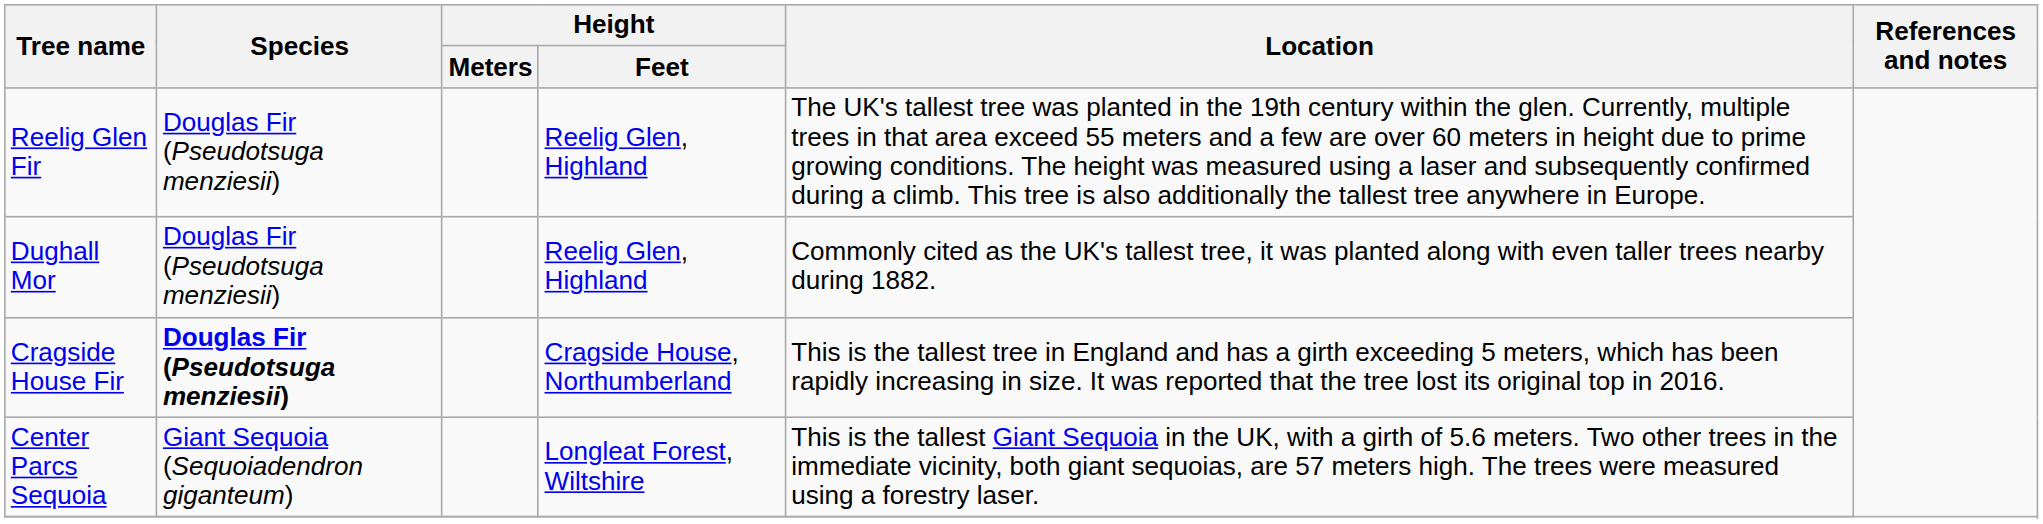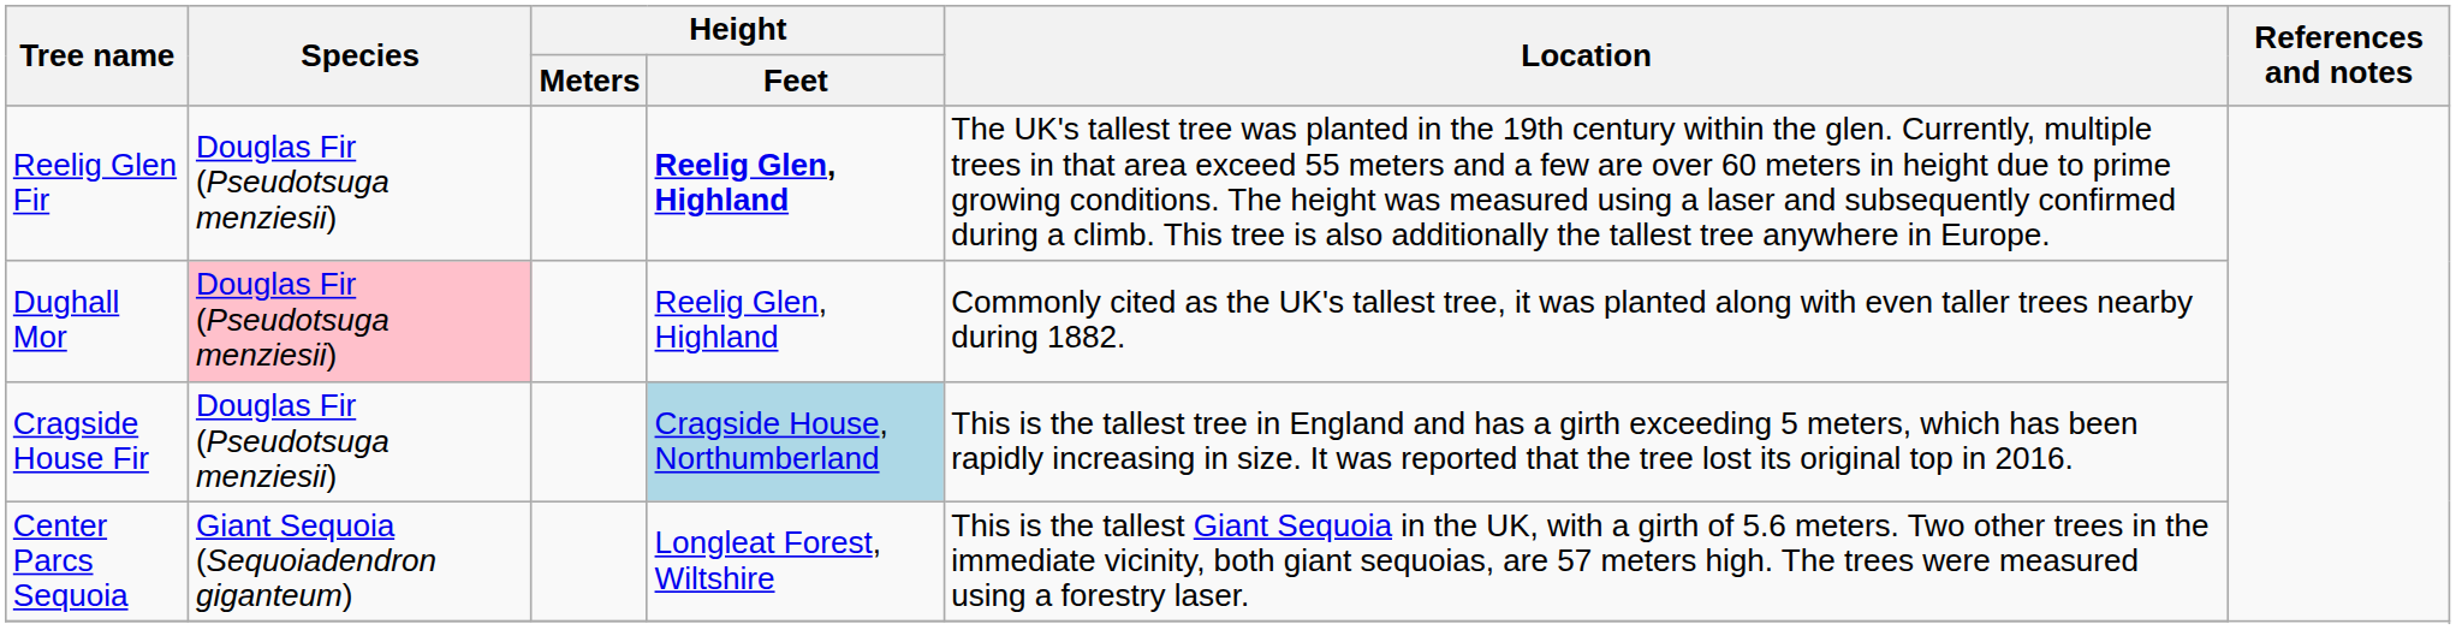 <table class="wikitable" font=90%>
 <tr>
 <th rowspan=2>Tree name</th>
 <th rowspan=2>Species</th>
 <th colspan=2>Height</th>
 <th rowspan=2>Location</th>
 <th rowspan=2>References and notes</th>
 </tr>
 <tr>
 <th>Meters</th>
 <th>Feet</th>
 </tr>
 <tr>
 <td><a href='#'>Reelig Glen Fir</a></td>
 <td><a href='#'>Douglas Fir</a> (<em>Pseudotsuga menziesii</em>)</td>
 <td></td>
-<td><a href='#'>Reelig Glen</a>, <a href='#'>Highland</a></td>
+<td><strong><a href='#'>Reelig Glen</a>, <a href='#'>Highland</a></strong></td>
 <td>The UK's tallest tree was planted in the 19th century within the glen. Currently, multiple trees in that area exceed 55 meters and a few are over 60 meters in height due to prime growing conditions. The height was measured using a laser and subsequently confirmed during a climb. This tree is also additionally the tallest tree anywhere in Europe.</td>
 </tr>
 <tr>
 <td><a href='#'>Dughall Mor</a></td>
-<td><a href='#'>Douglas Fir</a> (<em>Pseudotsuga menziesii</em>)</td>
+<td style="background: pink;"><a href='#'>Douglas Fir</a> (<em>Pseudotsuga menziesii</em>)</td>
 <td></td>
 <td><a href='#'>Reelig Glen</a>, <a href='#'>Highland</a></td>
 <td>Commonly cited as the UK's tallest tree, it was planted along with even taller trees nearby during 1882.</td>
 </tr>
 <tr>
 <td><a href='#'>Cragside House Fir</a></td>
-<td><strong><a href='#'>Douglas Fir</a> (<em>Pseudotsuga menziesii</em>)</strong></td>
+<td><a href='#'>Douglas Fir</a> (<em>Pseudotsuga menziesii</em>)</td>
 <td></td>
-<td><a href='#'>Cragside House</a>, <a href='#'>Northumberland</a></td>
+<td style="background: lightblue;"><a href='#'>Cragside House</a>, <a href='#'>Northumberland</a></td>
 <td>This is the tallest tree in England and has a girth exceeding 5 meters, which has been rapidly increasing in size. It was reported that the tree lost its original top in 2016.</td>
 </tr>
 <tr>
 <td><a href='#'>Center Parcs Sequoia</a></td>
 <td><a href='#'>Giant Sequoia</a> (<em>Sequoiadendron giganteum</em>)</td>
 <td></td>
 <td><a href='#'>Longleat Forest</a>, <a href='#'>Wiltshire</a></td>
 <td>This is the tallest <a href='#'>Giant Sequoia</a> in the UK, with a girth of 5.6 meters. Two other trees in the immediate vicinity, both giant sequoias, are 57 meters high. The trees were measured using a forestry laser.</td>
 </tr>
 <tr>
 </tr>
 </table>
